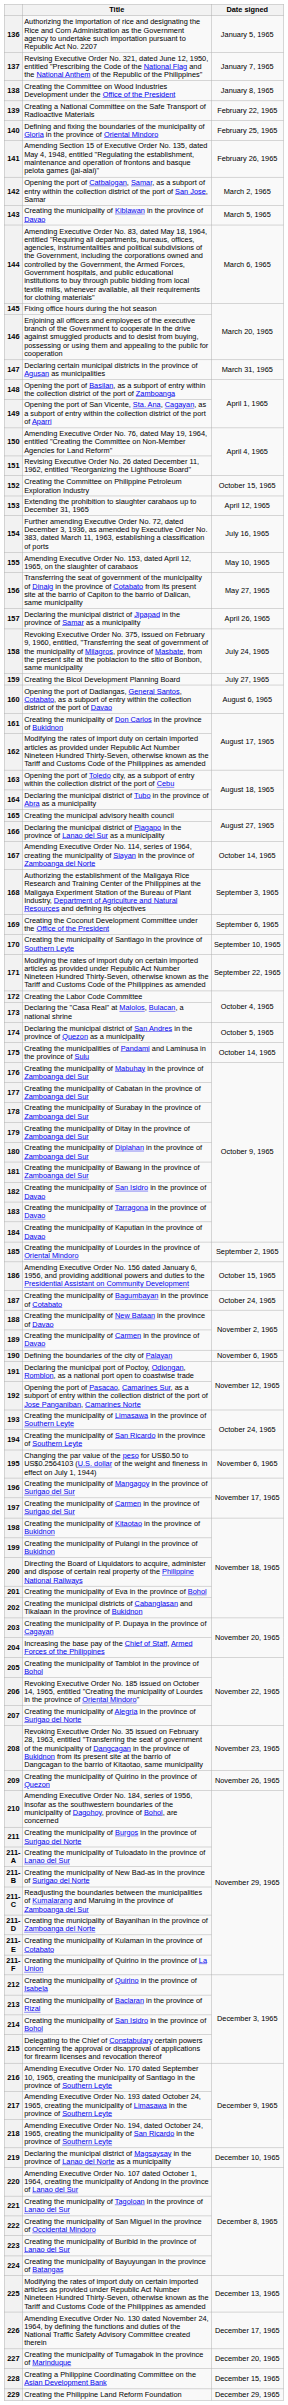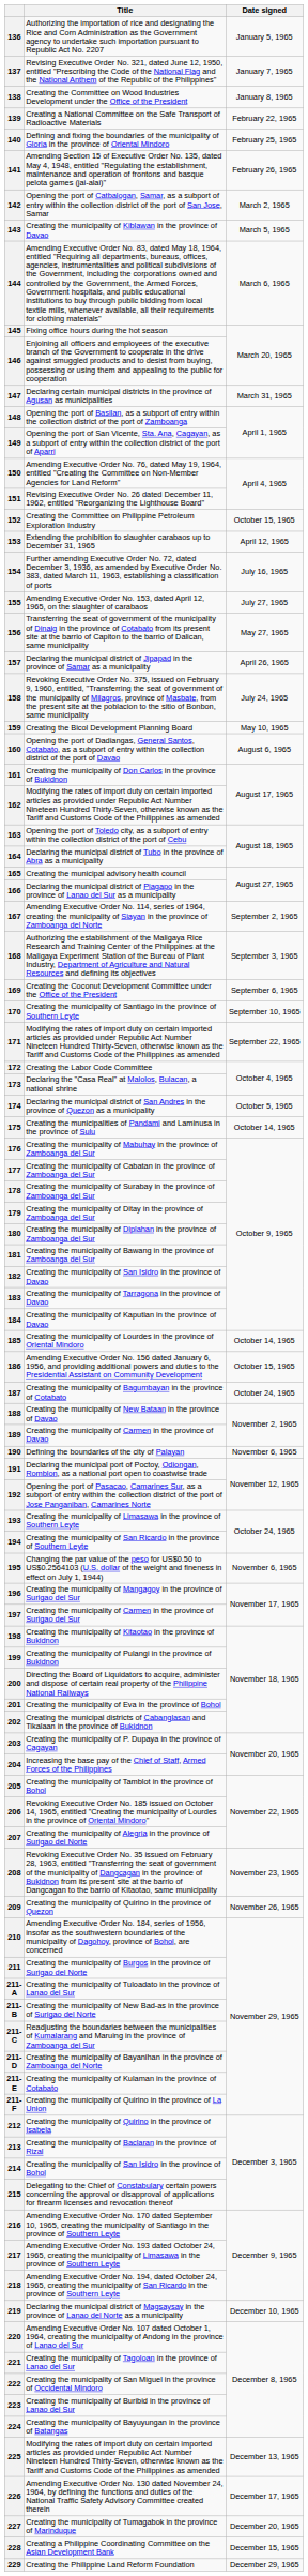 <table class="wikitable sortable" style="text-align:center;">
 <tr>
 <th scope="col"></th>
 <th scope="col">Title</th>
 <th scope="col" width="150px">Date signed</th>
 </tr>
 <tr>
 <th scope="row">136</th>
 <td style="text-align:left;">Authorizing the importation of rice and designating the Rice and Corn Administration as the Government agency to undertake such importation pursuant to Republic Act No. 2207</td>
 <td>January 5, 1965</td>
 </tr>
 <tr>
 <th scope="row">137</th>
 <td style="text-align:left;">Revising Executive Order No. 321, dated June 12, 1950, entitled "Prescribing the Code of the <a href='#'>National Flag</a> and the <a href='#'>National Anthem</a> of the Republic of the Philippines"</td>
 <td>January 7, 1965</td>
 </tr>
 <tr>
 <th scope="row">138</th>
 <td style="text-align:left;">Creating the Committee on Wood Industries Development under the <a href='#'>Office of the President</a></td>
 <td>January 8, 1965</td>
 </tr>
 <tr>
 <th scope="row">139</th>
 <td style="text-align:left;">Creating a National Committee on the Safe Transport of Radioactive Materials</td>
 <td>February 22, 1965</td>
 </tr>
 <tr>
 <th scope="row">140</th>
 <td style="text-align:left;">Defining and fixing the boundaries of the municipality of <a href='#'>Gloria</a> in the province of <a href='#'>Oriental Mindoro</a></td>
 <td>February 25, 1965</td>
 </tr>
 <tr>
 <th scope="row">141</th>
 <td style="text-align:left;">Amending Section 15 of Executive Order No. 135, dated May 4, 1948, entitled "Regulating the establishment, maintenance and operation of frontons and basque pelota games (jai-alai)"</td>
 <td>February 26, 1965</td>
 </tr>
 <tr>
 <th scope="row">142</th>
 <td style="text-align:left;">Opening the port of <a href='#'>Catbalogan</a>, <a href='#'>Samar</a>, as a subport of entry within the collection district of the port of <a href='#'>San Jose</a>, Samar</td>
 <td>March 2, 1965</td>
 </tr>
 <tr>
 <th scope="row">143</th>
 <td style="text-align:left;">Creating the municipality of <a href='#'>Kiblawan</a> in the province of <a href='#'>Davao</a></td>
 <td>March 5, 1965</td>
 </tr>
 <tr>
 <th scope="row">144</th>
 <td style="text-align:left;">Amending Executive Order No. 83, dated May 18, 1964, entitled "Requiring all departments, bureaus, offices, agencies, instrumentalities and political subdivisions of the Government, including the corporations owned and controlled by the Government, the Armed Forces, Government hospitals, and public educational institutions to buy through public bidding from local textile mills, whenever available, all their requirements for clothing materials"</td>
 <td>March 6, 1965</td>
 </tr>
 <tr>
 <th scope="row">145</th>
 <td style="text-align:left;">Fixing office hours during the hot season</td>
 <td rowspan="2">March 20, 1965</td>
 </tr>
 <tr>
 <th scope="row">146</th>
 <td style="text-align:left;">Enjoining all officers and employees of the executive branch of the Government to cooperate in the drive against smuggled products and to desist from buying, possessing or using them and appealing to the public for cooperation</td>
 </tr>
 <tr>
 <th scope="row">147</th>
 <td style="text-align:left;">Declaring certain municipal districts in the province of <a href='#'>Agusan</a> as municipalities</td>
 <td>March 31, 1965</td>
 </tr>
 <tr>
 <th scope="row">148</th>
 <td style="text-align:left;">Opening the port of <a href='#'>Basilan</a>, as a subport of entry within the collection district of the port of <a href='#'>Zamboanga</a></td>
 <td rowspan="2">April 1, 1965</td>
 </tr>
 <tr>
 <th scope="row">149</th>
 <td style="text-align:left;">Opening the port of San Vicente, <a href='#'>Sta. Ana</a>, <a href='#'>Cagayan</a>, as a subport of entry within the collection district of the port of <a href='#'>Aparri</a></td>
 </tr>
 <tr>
 <th scope="row">150</th>
 <td style="text-align:left;">Amending Executive Order No. 76, dated May 19, 1964, entitled "Creating the Committee on Non-Member Agencies for Land Reform"</td>
 <td rowspan="2">April 4, 1965</td>
 </tr>
 <tr>
 <th scope="row">151</th>
 <td style="text-align:left;">Revising Executive Order No. 26 dated December 11, 1962, entitled "Reorganizing the Lighthouse Board"</td>
 </tr>
 <tr>
 <th scope="row">152</th>
 <td style="text-align:left;">Creating the Committee on Philippine Petroleum Exploration Industry</td>
 <td>October 15, 1965</td>
 </tr>
 <tr>
 <th scope="row">153</th>
 <td style="text-align:left;">Extending the prohibition to slaughter carabaos up to December 31, 1965</td>
 <td>April 12, 1965</td>
 </tr>
 <tr>
 <th scope="row">154</th>
 <td style="text-align:left;">Further amending Executive Order No. 72, dated December 3, 1936, as amended by Executive Order No. 383, dated March 11, 1963, establishing a classification of ports</td>
 <td>July 16, 1965</td>
 </tr>
 <tr>
 <th scope="row">155</th>
 <td style="text-align:left;">Amending Executive Order No. 153, dated April 12, 1965, on the slaughter of carabaos</td>
-<td>May 10, 1965</td>
+<td>July 27, 1965</td>
 </tr>
 <tr>
 <th scope="row">156</th>
 <td style="text-align:left;">Transferring the seat of government of the municipality of <a href='#'>Dinaig</a> in the province of <a href='#'>Cotabato</a> from its present site at the barrio of Capiton to the barrio of Dalican, same municipality</td>
 <td>May 27, 1965</td>
 </tr>
 <tr>
 <th scope="row">157</th>
 <td style="text-align:left;">Declaring the municipal district of <a href='#'>Jipapad</a> in the province of <a href='#'>Samar</a> as a municipality</td>
 <td>April 26, 1965</td>
 </tr>
 <tr>
 <th scope="row">158</th>
 <td style="text-align:left;">Revoking Executive Order No. 375, issued on February 9, 1960, entitled, "Transferring the seat of government of the municipality of <a href='#'>Milagros</a>, province of <a href='#'>Masbate</a>, from the present site at the poblacion to the sitio of Bonbon, same municipality</td>
 <td>July 24, 1965</td>
 </tr>
 <tr>
 <th scope="row">159</th>
 <td style="text-align:left;">Creating the Bicol Development Planning Board</td>
-<td>July 27, 1965</td>
+<td>May 10, 1965</td>
 </tr>
 <tr>
 <th scope="row">160</th>
 <td style="text-align:left;">Opening the port of Dadiangas, <a href='#'>General Santos</a>, <a href='#'>Cotabato</a>, as a subport of entry within the collection district of the port of <a href='#'>Davao</a></td>
 <td>August 6, 1965</td>
 </tr>
 <tr>
 <th scope="row">161</th>
 <td style="text-align:left;">Creating the municipality of <a href='#'>Don Carlos</a> in the province of <a href='#'>Bukidnon</a></td>
 <td rowspan="2">August 17, 1965</td>
 </tr>
 <tr>
 <th scope="row">162</th>
 <td style="text-align:left;">Modifying the rates of import duty on certain imported articles as provided under Republic Act Number Nineteen Hundred Thirty-Seven, otherwise known as the Tariff and Customs Code of the Philippines as amended</td>
 </tr>
 <tr>
 <th scope="row">163</th>
 <td style="text-align:left;">Opening the port of <a href='#'>Toledo</a> city, as a subport of entry within the collection district of the port of <a href='#'>Cebu</a></td>
 <td rowspan="2">August 18, 1965</td>
 </tr>
 <tr>
 <th scope="row">164</th>
 <td style="text-align:left;">Declaring the municipal district of <a href='#'>Tubo</a> in the province of <a href='#'>Abra</a> as a municipality</td>
 </tr>
 <tr>
 <th scope="row">165</th>
 <td style="text-align:left;">Creating the municipal advisory health council</td>
 <td rowspan="2">August 27, 1965</td>
 </tr>
 <tr>
 <th scope="row">166</th>
 <td style="text-align:left;">Declaring the municipal district of <a href='#'>Piagapo</a> in the province of <a href='#'>Lanao del Sur</a> as a municipality</td>
 </tr>
 <tr>
 <th scope="row">167</th>
 <td style="text-align:left;">Amending Executive Order No. 114, series of 1964, creating the municipality of <a href='#'>Siayan</a> in the province of <a href='#'>Zamboanga del Norte</a></td>
-<td>October 14, 1965</td>
+<td>September 2, 1965</td>
 </tr>
 <tr>
 <th scope="row">168</th>
 <td style="text-align:left;">Authorizing the establishment of the Maligaya Rice Research and Training Center of the Philippines at the Maligaya Experiment Station of the Bureau of Plant Industry, <a href='#'>Department of Agriculture and Natural Resources</a> and defining its objectives</td>
 <td>September 3, 1965</td>
 </tr>
 <tr>
 <th scope="row">169</th>
 <td style="text-align:left;">Creating the Coconut Development Committee under the <a href='#'>Office of the President</a></td>
 <td>September 6, 1965</td>
 </tr>
 <tr>
 <th scope="row">170</th>
 <td style="text-align:left;">Creating the municipality of Santiago in the province of <a href='#'>Southern Leyte</a></td>
 <td>September 10, 1965</td>
 </tr>
 <tr>
 <th scope="row">171</th>
 <td style="text-align:left;">Modifying the rates of import duty on certain imported articles as provided under Republic Act Number Nineteen Hundred Thirty-Seven, otherwise known as the Tariff and Customs Code of the Philippines as amended</td>
 <td>September 22, 1965</td>
 </tr>
 <tr>
 <th scope="row">172</th>
 <td style="text-align:left;">Creating the Labor Code Committee</td>
 <td rowspan="2">October 4, 1965</td>
 </tr>
 <tr>
 <th scope="row">173</th>
 <td style="text-align:left;">Declaring the "Casa Real" at <a href='#'>Malolos</a>, <a href='#'>Bulacan</a>, a national shrine</td>
 </tr>
 <tr>
 <th scope="row">174</th>
 <td style="text-align:left;">Declaring the municipal district of <a href='#'>San Andres</a> in the province of <a href='#'>Quezon</a> as a municipality</td>
 <td>October 5, 1965</td>
 </tr>
 <tr>
 <th scope="row">175</th>
 <td style="text-align:left;">Creating the municipalities of <a href='#'>Pandami</a> and Laminusa in the province of <a href='#'>Sulu</a></td>
 <td>October 14, 1965</td>
 </tr>
 <tr>
 <th scope="row">176</th>
 <td style="text-align:left;">Creating the municipality of <a href='#'>Mabuhay</a> in the province of <a href='#'>Zamboanga del Sur</a></td>
 <td rowspan="9">October 9, 1965</td>
 </tr>
 <tr>
 <th scope="row">177</th>
 <td style="text-align:left;">Creating the municipality of Cabatan in the province of <a href='#'>Zamboanga del Sur</a></td>
 </tr>
 <tr>
 <th scope="row">178</th>
 <td style="text-align:left;">Creating the municipality of Surabay in the province of <a href='#'>Zamboanga del Sur</a></td>
 </tr>
 <tr>
 <th scope="row">179</th>
 <td style="text-align:left;">Creating the municipality of Ditay in the province of <a href='#'>Zamboanga del Sur</a></td>
 </tr>
 <tr>
 <th scope="row">180</th>
 <td style="text-align:left;">Creating the municipality of <a href='#'>Diplahan</a> in the province of <a href='#'>Zamboanga del Sur</a></td>
 </tr>
 <tr>
 <th scope="row">181</th>
 <td style="text-align:left;">Creating the municipality of Bawang in the province of <a href='#'>Zamboanga del Sur</a></td>
 </tr>
 <tr>
 <th scope="row">182</th>
 <td style="text-align:left;">Creating the municipality of <a href='#'>San Isidro</a> in the province of <a href='#'>Davao</a></td>
 </tr>
 <tr>
 <th scope="row">183</th>
 <td style="text-align:left;">Creating the municipality of <a href='#'>Tarragona</a> in the province of <a href='#'>Davao</a></td>
 </tr>
 <tr>
 <th scope="row">184</th>
 <td style="text-align:left;">Creating the municipality of Kaputian in the province of <a href='#'>Davao</a></td>
 </tr>
 <tr>
 <th scope="row">185</th>
 <td style="text-align:left;">Creating the municipality of Lourdes in the province of <a href='#'>Oriental Mindoro</a></td>
-<td>September 2, 1965</td>
+<td>October 14, 1965</td>
 </tr>
 <tr>
 <th scope="row">186</th>
 <td style="text-align:left;">Amending Executive Order No. 156 dated January 6, 1956, and providing additional powers and duties to the <a href='#'>Presidential Assistant on Community Development</a></td>
 <td>October 15, 1965</td>
 </tr>
 <tr>
 <th scope="row">187</th>
 <td style="text-align:left;">Creating the municipality of <a href='#'>Bagumbayan</a> in the province of <a href='#'>Cotabato</a></td>
 <td>October 24, 1965</td>
 </tr>
 <tr>
 <th scope="row">188</th>
 <td style="text-align:left;">Creating the municipality of <a href='#'>New Bataan</a> in the province of <a href='#'>Davao</a></td>
 <td rowspan="2">November 2, 1965</td>
 </tr>
 <tr>
 <th scope="row">189</th>
 <td style="text-align:left;">Creating the municipality of <a href='#'>Carmen</a> in the province of <a href='#'>Davao</a></td>
 </tr>
 <tr>
 <th scope="row">190</th>
 <td style="text-align:left;">Defining the boundaries of the city of <a href='#'>Palayan</a></td>
 <td>November 6, 1965</td>
 </tr>
 <tr>
 <th scope="row">191</th>
 <td style="text-align:left;">Declaring the municipal port of Poctoy, <a href='#'>Odiongan</a>, <a href='#'>Romblon</a>, as a national port open to coastwise trade</td>
 <td rowspan="2">November 12, 1965</td>
 </tr>
 <tr>
 <th scope="row">192</th>
 <td style="text-align:left;">Opening the port of <a href='#'>Pasacao</a>, <a href='#'>Camarines Sur</a>, as a subport of entry within the collection district of the port of <a href='#'>Jose Panganiban</a>, <a href='#'>Camarines Norte</a></td>
 </tr>
 <tr>
 <th scope="row">193</th>
 <td style="text-align:left;">Creating the municipality of <a href='#'>Limasawa</a> in the province of <a href='#'>Southern Leyte</a></td>
 <td rowspan="2">October 24, 1965</td>
 </tr>
 <tr>
 <th scope="row">194</th>
 <td style="text-align:left;">Creating the municipality of <a href='#'>San Ricardo</a> in the province of <a href='#'>Southern Leyte</a></td>
 </tr>
 <tr>
 <th scope="row">195</th>
 <td style="text-align:left;">Changing the par value of the <a href='#'>peso</a> for US$0.50 to US$0.2564103 (<a href='#'>U.S. dollar</a> of the weight and fineness in effect on July 1, 1944)</td>
 <td>November 6, 1965</td>
 </tr>
 <tr>
 <th scope="row">196</th>
 <td style="text-align:left;">Creating the municipality of <a href='#'>Mangagoy</a> in the province of <a href='#'>Surigao del Sur</a></td>
 <td rowspan="2">November 17, 1965</td>
 </tr>
 <tr>
 <th scope="row">197</th>
 <td style="text-align:left;">Creating the municipality of <a href='#'>Carmen</a> in the province of <a href='#'>Surigao del Sur</a></td>
 </tr>
 <tr>
 <th scope="row">198</th>
 <td style="text-align:left;">Creating the municipality of <a href='#'>Kitaotao</a> in the province of <a href='#'>Bukidnon</a></td>
 <td rowspan="5">November 18, 1965</td>
 </tr>
 <tr>
 <th scope="row">199</th>
 <td style="text-align:left;">Creating the municipality of Pulangi in the province of <a href='#'>Bukidnon</a></td>
 </tr>
 <tr>
 <th scope="row">200</th>
 <td style="text-align:left;">Directing the Board of Liquidators to acquire, administer and dispose of certain real property of the <a href='#'>Philippine National Railways</a></td>
 </tr>
 <tr>
 <th scope="row">201</th>
 <td style="text-align:left;">Creating the municipality of Eva in the province of <a href='#'>Bohol</a></td>
 </tr>
 <tr>
 <th scope="row">202</th>
 <td style="text-align:left;">Creating the municipal districts of <a href='#'>Cabanglasan</a> and Tikalaan in the province of <a href='#'>Bukidnon</a></td>
 </tr>
 <tr>
 <th scope="row">203</th>
 <td style="text-align:left;">Creating the municipality of P. Dupaya in the province of <a href='#'>Cagayan</a></td>
 <td rowspan="2">November 20, 1965</td>
 </tr>
 <tr>
 <th scope="row">204</th>
 <td style="text-align:left;">Increasing the base pay of the <a href='#'>Chief of Staff</a>, <a href='#'>Armed Forces of the Philippines</a></td>
 </tr>
 <tr>
 <th scope="row">205</th>
 <td style="text-align:left;">Creating the municipality of Tamblot in the province of <a href='#'>Bohol</a></td>
 <td rowspan="3">November 22, 1965</td>
 </tr>
 <tr>
 <th scope="row">206</th>
 <td style="text-align:left;">Revoking Executive Order No. 185 issued on October 14, 1965, entitled "Creating the municipality of Lourdes in the province of <a href='#'>Oriental Mindoro</a>"</td>
 </tr>
 <tr>
 <th scope="row">207</th>
 <td style="text-align:left;">Creating the municipality of <a href='#'>Alegria</a> in the province of <a href='#'>Surigao del Norte</a></td>
 </tr>
 <tr>
 <th scope="row">208</th>
 <td style="text-align:left;">Revoking Executive Order No. 35 issued on February 28, 1963, entitled "Transferring the seat of government of the municipality of <a href='#'>Dangcagan</a> in the province of <a href='#'>Bukidnon</a> from its present site at the barrio of Dangcagan to the barrio of Kitaotao, same municipality</td>
 <td>November 23, 1965</td>
 </tr>
 <tr>
 <th scope="row">209</th>
 <td style="text-align:left;">Creating the municipality of Quirino in the province of <a href='#'>Quezon</a></td>
 <td>November 26, 1965</td>
 </tr>
 <tr>
 <th scope="row">210</th>
 <td style="text-align:left;">Amending Executive Order No. 184, series of 1956, insofar as the southwestern boundaries of the municipality of <a href='#'>Dagohoy</a>, province of <a href='#'>Bohol</a>, are concerned</td>
 <td rowspan="8">November 29, 1965</td>
 </tr>
 <tr>
 <th scope="row">211</th>
 <td style="text-align:left;">Creating the municipality of <a href='#'>Burgos</a> in the province of <a href='#'>Surigao del Norte</a></td>
 </tr>
 <tr>
 <th scope="row">211-A</th>
 <td style="text-align:left;">Creating the municipality of Tuloadato in the province of <a href='#'>Lanao del Sur</a></td>
 </tr>
 <tr>
 <th scope="row">211-B</th>
 <td style="text-align:left;">Creating the municipality of New Bad-as in the province of <a href='#'>Surigao del Norte</a></td>
 </tr>
 <tr>
 <th scope="row">211-C</th>
 <td style="text-align:left;">Readjusting the boundaries between the municipalities of <a href='#'>Kumalarang</a> and Maruing in the province of <a href='#'>Zamboanga del Sur</a></td>
 </tr>
 <tr>
 <th scope="row">211-D</th>
 <td style="text-align:left;">Creating the municipality of Bayanihan in the province of <a href='#'>Zamboanga del Norte</a></td>
 </tr>
 <tr>
 <th scope="row">211-E</th>
 <td style="text-align:left;">Creating the municipality of Kulaman in the province of <a href='#'>Cotabato</a></td>
 </tr>
 <tr>
 <th scope="row">211-F</th>
 <td style="text-align:left;">Creating the municipality of Quirino in the province of <a href='#'>La Union</a></td>
 </tr>
 <tr>
 <th scope="row">212</th>
 <td style="text-align:left;">Creating the municipality of <a href='#'>Quirino</a> in the province of <a href='#'>Isabela</a></td>
 <td rowspan="4">December 3, 1965</td>
 </tr>
 <tr>
 <th scope="row">213</th>
 <td style="text-align:left;">Creating the municipality of <a href='#'>Baclaran</a> in the province of <a href='#'>Rizal</a></td>
 </tr>
 <tr>
 <th scope="row">214</th>
 <td style="text-align:left;">Creating the municipality of <a href='#'>San Isidro</a> in the province of <a href='#'>Bohol</a></td>
 </tr>
 <tr>
 <th scope="row">215</th>
 <td style="text-align:left;">Delegating to the Chief of <a href='#'>Constabulary</a> certain powers concerning the approval or disapproval of applications for firearm licenses and revocation thereof</td>
 </tr>
 <tr>
 <th scope="row">216</th>
 <td style="text-align:left;">Amending Executive Order No. 170 dated September 10, 1965, creating the municipality of Santiago in the province of <a href='#'>Southern Leyte</a></td>
 <td rowspan="3">December 9, 1965</td>
 </tr>
 <tr>
 <th scope="row">217</th>
 <td style="text-align:left;">Amending Executive Order No. 193 dated October 24, 1965, creating the municipality of <a href='#'>Limasawa</a> in the province of <a href='#'>Southern Leyte</a></td>
 </tr>
 <tr>
 <th scope="row">218</th>
 <td style="text-align:left;">Amending Executive Order No. 194, dated October 24, 1965, creating the municipality of <a href='#'>San Ricardo</a> in the province of <a href='#'>Southern Leyte</a></td>
 </tr>
 <tr>
 <th scope="row">219</th>
 <td style="text-align:left;">Declaring the municipal district of <a href='#'>Magsaysay</a> in the province of <a href='#'>Lanao del Norte</a> as a municipality</td>
 <td>December 10, 1965</td>
 </tr>
 <tr>
 <th scope="row">220</th>
 <td style="text-align:left;">Amending Executive Order No. 107 dated October 1, 1964, creating the municipality of Andong in the province of <a href='#'>Lanao del Sur</a></td>
 <td rowspan="5">December 8, 1965</td>
 </tr>
 <tr>
 <th scope="row">221</th>
 <td style="text-align:left;">Creating the municipality of <a href='#'>Tagoloan</a> in the province of <a href='#'>Lanao del Sur</a></td>
 </tr>
 <tr>
 <th scope="row">222</th>
 <td style="text-align:left;">Creating the municipality of San Miguel in the province of <a href='#'>Occidental Mindoro</a></td>
 </tr>
 <tr>
 <th scope="row">223</th>
 <td style="text-align:left;">Creating the municipality of Buribid in the province of <a href='#'>Lanao del Sur</a></td>
 </tr>
 <tr>
 <th scope="row">224</th>
 <td style="text-align:left;">Creating the municipality of Bayuyungan in the province of <a href='#'>Batangas</a></td>
 </tr>
 <tr>
 <th scope="row">225</th>
 <td style="text-align:left;">Modifying the rates of import duty on certain imported articles as provided under Republic Act Number Nineteen Hundred Thirty-Seven, otherwise known as the Tariff and Customs Code of the Philippines as amended</td>
 <td>December 13, 1965</td>
 </tr>
 <tr>
 <th scope="row">226</th>
 <td style="text-align:left;">Amending Executive Order No. 130 dated November 24, 1964, by defining the functions and duties of the National Traffic Safety Advisory Committee created therein</td>
 <td>December 17, 1965</td>
 </tr>
 <tr>
 <th scope="row">227</th>
 <td style="text-align:left;">Creating the municipality of Tumagabok in the province of <a href='#'>Marinduque</a></td>
 <td>December 20, 1965</td>
 </tr>
 <tr>
 <th scope="row">228</th>
 <td style="text-align:left;">Creating a Philippine Coordinating Committee on the <a href='#'>Asian Development Bank</a></td>
 <td>December 15, 1965</td>
 </tr>
 <tr>
 <th scope="row">229</th>
 <td style="text-align:left;">Creating the Philippine Land Reform Foundation</td>
 <td>December 29, 1965</td>
 </tr>
 </table>
